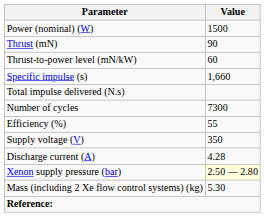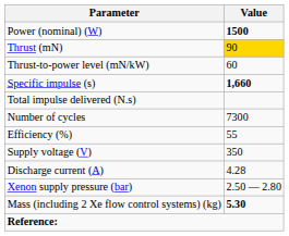 <table class="wikitable">
 <tr>
 <th>Parameter</th>
 <th>Value</th>
 </tr>
 <tr>
 <td>Power (nominal) (<a href='#'>W</a>)</td>
-<td>1500</td>
+<td><strong>1500</strong></td>
 </tr>
 <tr>
 <td><a href='#'>Thrust</a> (mN)</td>
-<td>90</td>
+<td style="background: gold;">90</td>
 </tr>
 <tr>
 <td>Thrust-to-power level (mN/kW)</td>
 <td>60</td>
 </tr>
 <tr>
 <td><a href='#'>Specific impulse</a> (s)</td>
-<td>1,660</td>
+<td><strong>1,660</strong></td>
 </tr>
 <tr>
 <td>Total impulse delivered (N.s)</td>
 <td></td>
 </tr>
 <tr>
 <td>Number of cycles</td>
 <td>7300</td>
 </tr>
 <tr>
 <td>Efficiency (%)</td>
 <td>55</td>
 </tr>
 <tr>
 <td>Supply voltage (<a href='#'>V</a>)</td>
 <td>350</td>
 </tr>
 <tr>
 <td>Discharge current (<a href='#'>A</a>)</td>
 <td>4.28</td>
 </tr>
 <tr>
 <td><a href='#'>Xenon</a> supply pressure (<a href='#'>bar</a>)</td>
-<td style="background: lightyellow;">2.50 — 2.80</td>
+<td>2.50 — 2.80</td>
 </tr>
 <tr>
 <td>Mass (including 2 Xe flow control systems) (kg)</td>
-<td>5.30</td>
+<td><strong>5.30</strong></td>
 </tr>
 <tr>
 <td colspan="3" style="text-align: left;"><strong>Reference:</strong> </td>
 </tr>
 </table>
